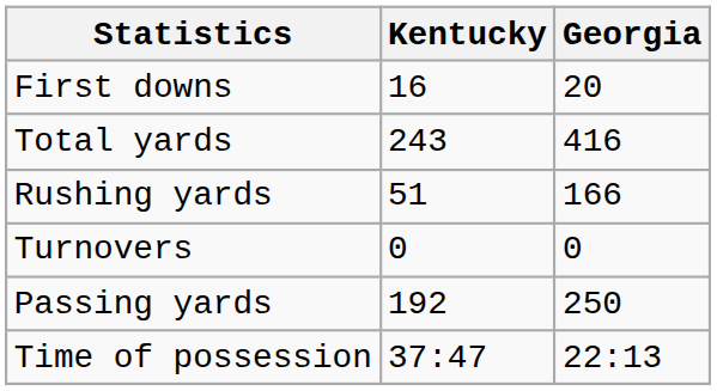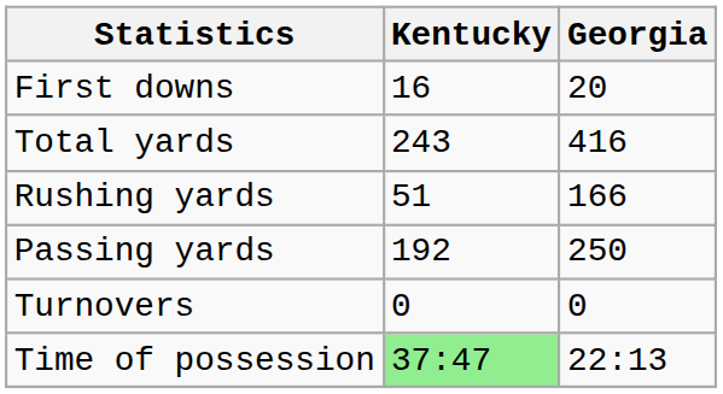 <table class="wikitable" style="float: left;">
 <tr>
 <th>Statistics</th>
 <th>Kentucky</th>
 <th>Georgia</th>
 </tr>
 <tr>
 <td>First downs</td>
 <td>16</td>
 <td>20</td>
 </tr>
 <tr>
 <td>Total yards</td>
 <td>243</td>
 <td>416</td>
 </tr>
 <tr>
 <td>Rushing yards</td>
 <td>51</td>
 <td>166</td>
 </tr>
 <tr>
+<td>Passing yards</td>
+<td>192</td>
+<td>250</td>
+</tr>
+<tr>
 <td>Turnovers</td>
 <td>0</td>
 <td>0</td>
 </tr>
 <tr>
-<td>Passing yards</td>
-<td>192</td>
-<td>250</td>
-</tr>
-<tr>
 <td>Time of possession</td>
-<td>37:47</td>
+<td style="background: lightgreen;">37:47</td>
 <td>22:13</td>
 </tr>
 <tr>
 </tr>
 </table>
